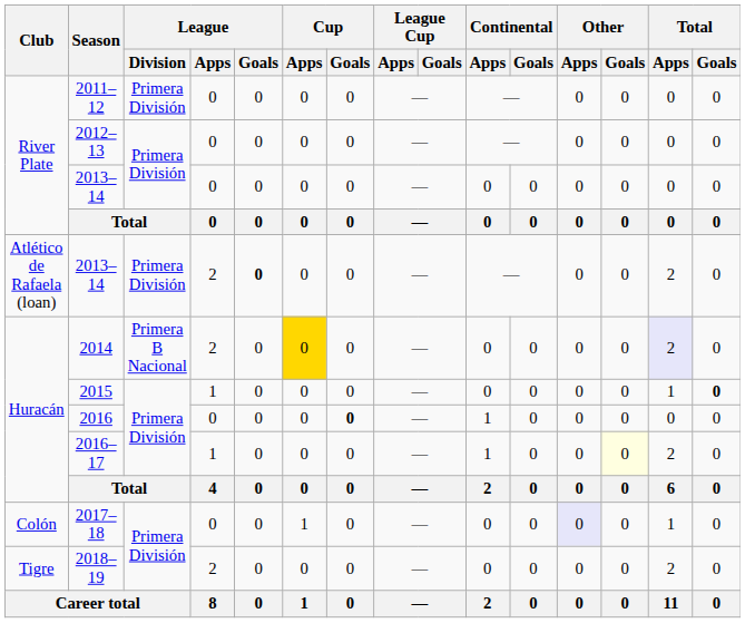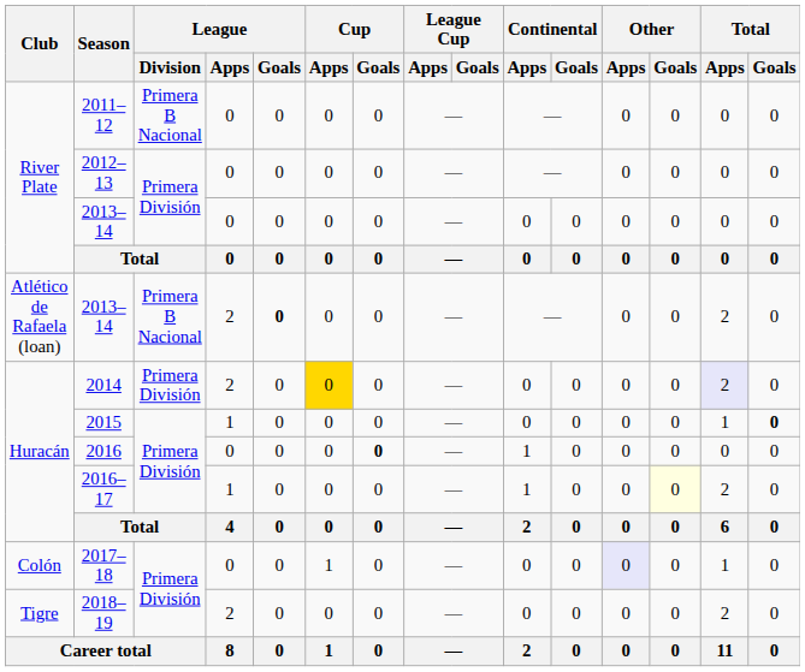 <table class="wikitable" style="text-align:center">
 <tr>
 <th rowspan="2">Club</th>
 <th rowspan="2">Season</th>
 <th colspan="3">League</th>
 <th colspan="2">Cup</th>
 <th colspan="2">League Cup</th>
 <th colspan="2">Continental</th>
 <th colspan="2">Other</th>
 <th colspan="2">Total</th>
 </tr>
 <tr>
 <th>Division</th>
 <th>Apps</th>
 <th>Goals</th>
 <th>Apps</th>
 <th>Goals</th>
 <th>Apps</th>
 <th>Goals</th>
 <th>Apps</th>
 <th>Goals</th>
 <th>Apps</th>
 <th>Goals</th>
 <th>Apps</th>
 <th>Goals</th>
 </tr>
 <tr>
 <td rowspan="4"><a href='#'>River Plate</a></td>
 <td><a href='#'>2011–12</a></td>
-<td rowspan="1"><a href='#'>Primera División</a></td>
+<td rowspan="1"><a href='#'>Primera B Nacional</a></td>
 <td>0</td>
 <td>0</td>
 <td>0</td>
 <td>0</td>
 <td colspan="2">—</td>
 <td colspan="2">—</td>
 <td>0</td>
 <td>0</td>
 <td>0</td>
 <td>0</td>
 </tr>
 <tr>
 <td><a href='#'>2012–13</a></td>
 <td rowspan="2"><a href='#'>Primera División</a></td>
 <td>0</td>
 <td>0</td>
 <td>0</td>
 <td>0</td>
 <td colspan="2">—</td>
 <td colspan="2">—</td>
 <td>0</td>
 <td>0</td>
 <td>0</td>
 <td>0</td>
 </tr>
 <tr>
 <td><a href='#'>2013–14</a></td>
 <td>0</td>
 <td>0</td>
 <td>0</td>
 <td>0</td>
 <td colspan="2">—</td>
 <td>0</td>
 <td>0</td>
 <td>0</td>
 <td>0</td>
 <td>0</td>
 <td>0</td>
 </tr>
 <tr>
 <th colspan="2">Total</th>
 <th>0</th>
 <th>0</th>
 <th>0</th>
 <th>0</th>
 <th colspan="2">—</th>
 <th>0</th>
 <th>0</th>
 <th>0</th>
 <th>0</th>
 <th>0</th>
 <th>0</th>
 </tr>
 <tr>
 <td rowspan="1"><a href='#'>Atlético de Rafaela</a> (loan)</td>
 <td><a href='#'>2013–14</a></td>
-<td rowspan="1"><a href='#'>Primera División</a></td>
+<td rowspan="1"><a href='#'>Primera B Nacional</a></td>
 <td>2</td>
 <td><strong>0</strong></td>
 <td>0</td>
 <td>0</td>
 <td colspan="2">—</td>
 <td colspan="2">—</td>
 <td>0</td>
 <td>0</td>
 <td>2</td>
 <td>0</td>
 </tr>
 <tr>
 <td rowspan="5"><a href='#'>Huracán</a></td>
 <td><a href='#'>2014</a></td>
-<td rowspan="1"><a href='#'>Primera B Nacional</a></td>
+<td rowspan="1"><a href='#'>Primera División</a></td>
 <td>2</td>
 <td>0</td>
 <td style="background: gold;">0</td>
 <td>0</td>
 <td colspan="2">—</td>
 <td>0</td>
 <td>0</td>
 <td>0</td>
 <td>0</td>
 <td style="background: lavender;">2</td>
 <td>0</td>
 </tr>
 <tr>
 <td><a href='#'>2015</a></td>
 <td rowspan="3"><a href='#'>Primera División</a></td>
 <td>1</td>
 <td>0</td>
 <td>0</td>
 <td>0</td>
 <td colspan="2">—</td>
 <td>0</td>
 <td>0</td>
 <td>0</td>
 <td>0</td>
 <td>1</td>
 <td><strong>0</strong></td>
 </tr>
 <tr>
 <td><a href='#'>2016</a></td>
 <td>0</td>
 <td>0</td>
 <td>0</td>
 <td><strong>0</strong></td>
 <td colspan="2">—</td>
 <td>1</td>
 <td>0</td>
 <td>0</td>
 <td>0</td>
 <td>0</td>
 <td>0</td>
 </tr>
 <tr>
 <td><a href='#'>2016–17</a></td>
 <td>1</td>
 <td>0</td>
 <td>0</td>
 <td>0</td>
 <td colspan="2">—</td>
 <td>1</td>
 <td>0</td>
 <td>0</td>
 <td style="background: lightyellow;">0</td>
 <td>2</td>
 <td>0</td>
 </tr>
 <tr>
 <th colspan="2">Total</th>
 <th>4</th>
 <th>0</th>
 <th>0</th>
 <th>0</th>
 <th colspan="2">—</th>
 <th>2</th>
 <th>0</th>
 <th>0</th>
 <th>0</th>
 <th>6</th>
 <th>0</th>
 </tr>
 <tr>
 <td rowspan="1"><a href='#'>Colón</a></td>
 <td><a href='#'>2017–18</a></td>
 <td rowspan="2"><a href='#'>Primera División</a></td>
 <td>0</td>
 <td>0</td>
 <td>1</td>
 <td>0</td>
 <td colspan="2">—</td>
 <td>0</td>
 <td>0</td>
 <td style="background: lavender;">0</td>
 <td>0</td>
 <td>1</td>
 <td>0</td>
 </tr>
 <tr>
 <td rowspan="1"><a href='#'>Tigre</a></td>
 <td><a href='#'>2018–19</a></td>
 <td>2</td>
 <td>0</td>
 <td>0</td>
 <td>0</td>
 <td colspan="2">—</td>
 <td>0</td>
 <td>0</td>
 <td>0</td>
 <td>0</td>
 <td>2</td>
 <td>0</td>
 </tr>
 <tr>
 <th colspan="3">Career total</th>
 <th>8</th>
 <th>0</th>
 <th>1</th>
 <th>0</th>
 <th colspan="2">—</th>
 <th>2</th>
 <th>0</th>
 <th>0</th>
 <th>0</th>
 <th>11</th>
 <th>0</th>
 </tr>
 </table>
